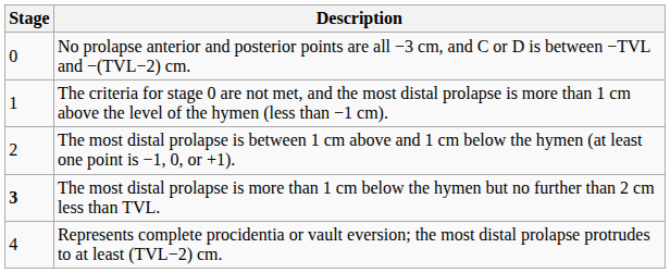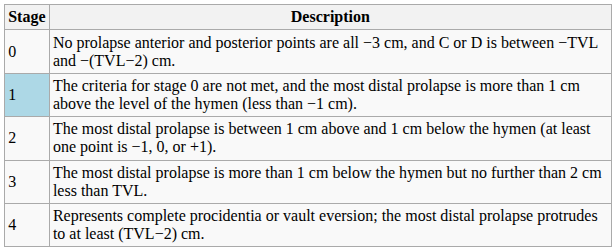 <table class="wikitable" border="1">
 <tr>
 <th>Stage</th>
 <th>Description</th>
 </tr>
 <tr>
 <td>0</td>
 <td>No prolapse anterior and posterior points are all −3 cm, and C or D is between −TVL and −(TVL−2) cm.</td>
 </tr>
 <tr>
-<td>1</td>
+<td style="background: lightblue;">1</td>
 <td>The criteria for stage 0 are not met, and the most distal prolapse is more than 1 cm above the level of the hymen (less than −1 cm).</td>
 </tr>
 <tr>
 <td>2</td>
 <td>The most distal prolapse is between 1 cm above and 1 cm below the hymen (at least one point is −1, 0, or +1).</td>
 </tr>
 <tr>
-<td><strong>3</strong></td>
+<td>3</td>
 <td>The most distal prolapse is more than 1 cm below the hymen but no further than 2 cm less than TVL.</td>
 </tr>
 <tr>
 <td>4</td>
 <td>Represents complete procidentia or vault eversion; the most distal prolapse protrudes to at least (TVL−2) cm.</td>
 </tr>
 </table>
